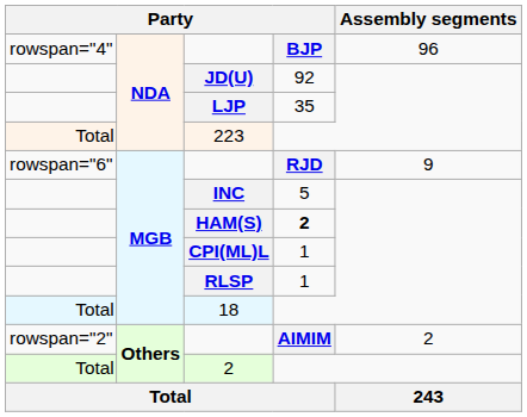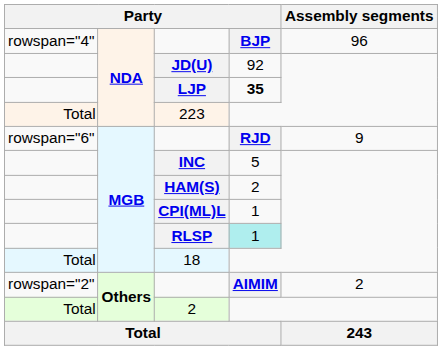 <table class="wikitable" style="text-align:center">
 <tr>
 <th colspan=4>Party</th>
 <th>Assembly segments</th>
 </tr>
 <tr>
 <td>rowspan="4" </td>
 <th rowspan="4"style="background:#fef3e8"><a href='#'>NDA</a></th>
 <td></td>
 <th><a href='#'>BJP</a></th>
 <td>96</td>
 </tr>
 <tr>
 <td></td>
 <th><a href='#'>JD(U)</a></th>
 <td>92</td>
 </tr>
 <tr>
 <td></td>
 <th><a href='#'>LJP</a></th>
-<td>35</td>
+<td><strong>35</strong></td>
 </tr>
 <tr>
 <td colspan="2"style="background:#fef3e8">Total</td>
 <td style="background:#fef3e8">223</td>
 </tr>
 <tr>
 <td>rowspan="6" </td>
 <th rowspan="6"style="background:#E5F8FF"><a href='#'>MGB</a></th>
 <td></td>
 <th><a href='#'>RJD</a></th>
 <td>9</td>
 </tr>
 <tr>
 <td></td>
 <th><a href='#'>INC</a></th>
 <td>5</td>
 </tr>
 <tr>
 <td></td>
 <th><a href='#'>HAM(S)</a></th>
-<td><strong>2</strong></td>
+<td>2</td>
 </tr>
 <tr>
 <td></td>
 <th><a href='#'>CPI(ML)L</a></th>
 <td>1</td>
 </tr>
 <tr>
 <td></td>
 <th><a href='#'>RLSP</a></th>
-<td>1</td>
+<td style="background: paleturquoise;">1</td>
 </tr>
 <tr>
 <td colspan="2"style="background:#E5F8FF">Total</td>
 <td style="background:#E5F8FF">18</td>
 </tr>
 <tr>
 <td>rowspan="2" </td>
 <th rowspan="2"style="background:#E5FFDA">Others</th>
 <td></td>
 <th><a href='#'>AIMIM</a></th>
 <td>2</td>
 </tr>
 <tr>
 <td colspan="2"style="background:#E5FFDA">Total</td>
 <td style="background:#E5FFDA">2</td>
 </tr>
 <tr>
 <th colspan="4">Total</th>
 <th>243</th>
 </tr>
 </table>
